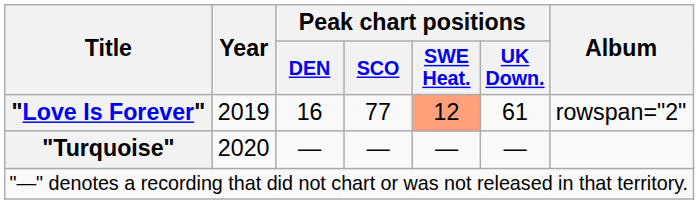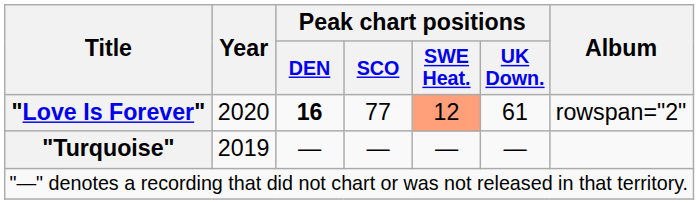 <table class="wikitable plainrowheaders" style="text-align:center;">
 <tr>
 <th scope="col" rowspan="2">Title</th>
 <th scope="col" rowspan="2">Year</th>
 <th scope="col" colspan="4">Peak chart positions</th>
 <th scope="col" rowspan="2">Album</th>
 </tr>
 <tr>
 <th scope="col" style="width:3em;font-size:85%;"><a href='#'>DEN</a><br></th>
 <th scope="col" style="width:3em;font-size:85%;"><a href='#'>SCO</a><br></th>
 <th scope="col" style="width:3em;font-size:85%;"><a href='#'>SWE<br>Heat.</a><br></th>
 <th scope="col" style="width:3em;font-size:85%;"><a href='#'>UK<br>Down.</a><br></th>
 </tr>
 <tr>
 <th scope="row">"<a href='#'>Love Is Forever</a>"</th>
-<td>2019</td>
-<td>16</td>
+<td>2020</td>
+<td><strong>16</strong></td>
 <td>77</td>
 <td style="background: lightsalmon;">12</td>
 <td>61</td>
 <td>rowspan="2" </td>
 </tr>
 <tr>
 <th scope="row">"Turquoise"</th>
-<td>2020</td>
+<td>2019</td>
 <td>—</td>
 <td>—</td>
 <td>—</td>
 <td>—</td>
 </tr>
 <tr>
 <td colspan="14" style="font-size:85%">"—" denotes a recording that did not chart or was not released in that territory.</td>
 </tr>
 </table>
